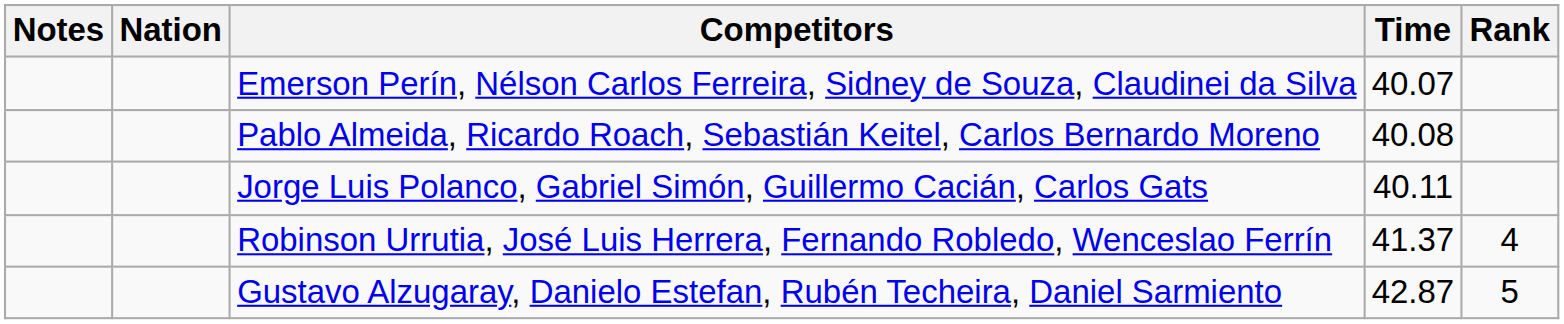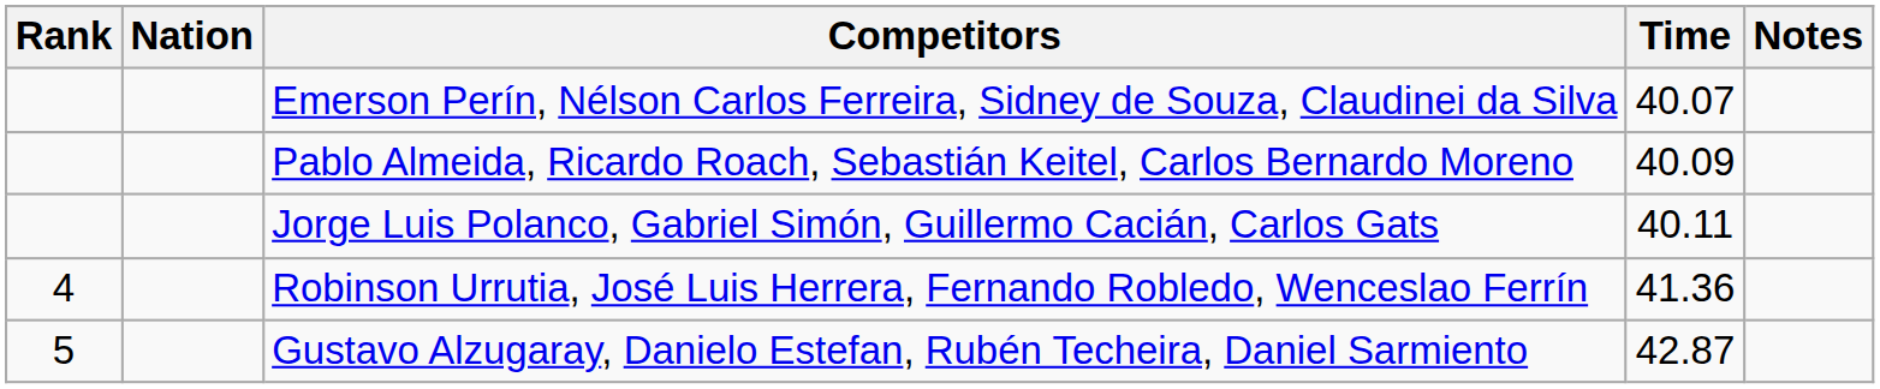 <table class="wikitable sortable" style="text-align:center">
 <tr>
-<th>Notes</th>
+<th>Rank</th>
 <th>Nation</th>
 <th>Competitors</th>
 <th>Time</th>
-<th>Rank</th>
+<th>Notes</th>
 </tr>
 <tr>
 <td></td>
 <td align=left></td>
 <td align=left><a href='#'>Emerson Perín</a>, <a href='#'>Nélson Carlos Ferreira</a>, <a href='#'>Sidney de Souza</a>, <a href='#'>Claudinei da Silva</a></td>
 <td>40.07</td>
 <td></td>
 </tr>
 <tr>
 <td></td>
 <td align=left></td>
 <td align=left><a href='#'>Pablo Almeida</a>, <a href='#'>Ricardo Roach</a>, <a href='#'>Sebastián Keitel</a>, <a href='#'>Carlos Bernardo Moreno</a></td>
-<td>40.08</td>
+<td>40.09</td>
 <td></td>
 </tr>
 <tr>
 <td></td>
 <td align=left></td>
 <td align=left><a href='#'>Jorge Luis Polanco</a>, <a href='#'>Gabriel Simón</a>, <a href='#'>Guillermo Cacián</a>, <a href='#'>Carlos Gats</a></td>
 <td>40.11</td>
 <td></td>
 </tr>
 <tr>
-<td></td>
+<td>4</td>
 <td align=left></td>
 <td align=left><a href='#'>Robinson Urrutia</a>, <a href='#'>José Luis Herrera</a>, <a href='#'>Fernando Robledo</a>, <a href='#'>Wenceslao Ferrín</a></td>
-<td>41.37</td>
-<td>4</td>
+<td>41.36</td>
+<td></td>
 </tr>
 <tr>
-<td></td>
+<td>5</td>
 <td align=left></td>
 <td align=left><a href='#'>Gustavo Alzugaray</a>, <a href='#'>Danielo Estefan</a>, <a href='#'>Rubén Techeira</a>, <a href='#'>Daniel Sarmiento</a></td>
 <td>42.87</td>
-<td>5</td>
+<td></td>
 </tr>
 </table>
